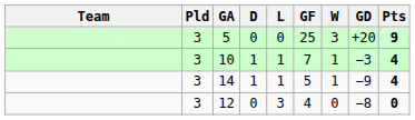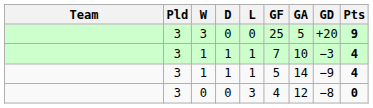 <table class="wikitable" style="text-align:center;">
 <tr>
 <th width=165>Team</th>
 <th width=20>Pld</th>
-<th width=20>GA</th>
+<th width=20>W</th>
 <th width=20>D</th>
 <th width=20>L</th>
 <th width=20>GF</th>
-<th width=20>W</th>
+<th width=20>GA</th>
 <th width=20>GD</th>
 <th width=20>Pts</th>
 </tr>
 <tr style="background:#cfc;">
 <td style="text-align:left;"></td>
 <td>3</td>
-<td>5</td>
+<td>3</td>
 <td>0</td>
 <td>0</td>
 <td>25</td>
-<td>3</td>
+<td>5</td>
 <td>+20</td>
 <td><strong>9</strong></td>
 </tr>
 <tr style="background:#cfc;">
 <td style="text-align:left;"></td>
 <td>3</td>
-<td>10</td>
+<td>1</td>
 <td>1</td>
 <td>1</td>
 <td>7</td>
-<td>1</td>
+<td>10</td>
 <td>−3</td>
 <td><strong>4</strong></td>
 </tr>
 <tr>
 <td style="text-align:left;"></td>
 <td>3</td>
-<td>14</td>
+<td>1</td>
 <td>1</td>
 <td>1</td>
 <td>5</td>
-<td>1</td>
+<td>14</td>
 <td>−9</td>
 <td><strong>4</strong></td>
 </tr>
 <tr>
 <td style="text-align:left;"></td>
 <td>3</td>
-<td>12</td>
+<td>0</td>
 <td>0</td>
 <td>3</td>
 <td>4</td>
-<td>0</td>
+<td>12</td>
 <td>−8</td>
 <td><strong>0</strong></td>
 </tr>
 </table>
